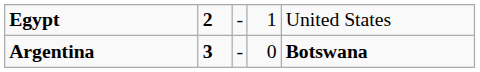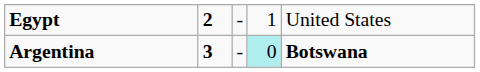 <table class="wikitable">
 <tr>
 <td width=150> <strong>Egypt</strong></td>
 <td style="width:20px; text-align:left;"><strong>2</strong></td>
 <td>-</td>
 <td style="width:20px; text-align:right;">1</td>
 <td width=150> United States</td>
 </tr>
 <tr>
 <td> <strong>Argentina</strong></td>
 <td style="text-align:left;"><strong>3</strong></td>
 <td>-</td>
-<td style="text-align:right;">0</td>
+<td style="background: paleturquoise; text-align:right;">0</td>
 <td><strong> Botswana</strong></td>
 </tr>
 </table>
